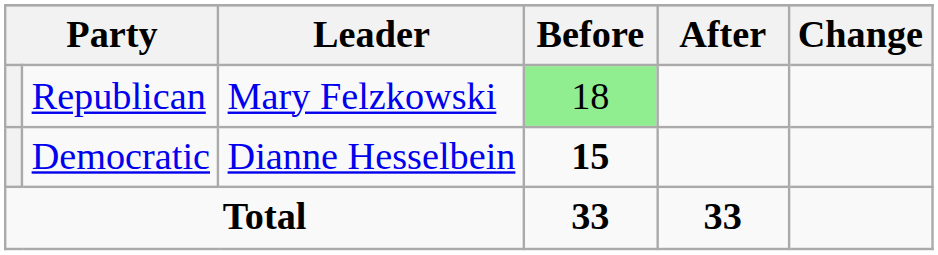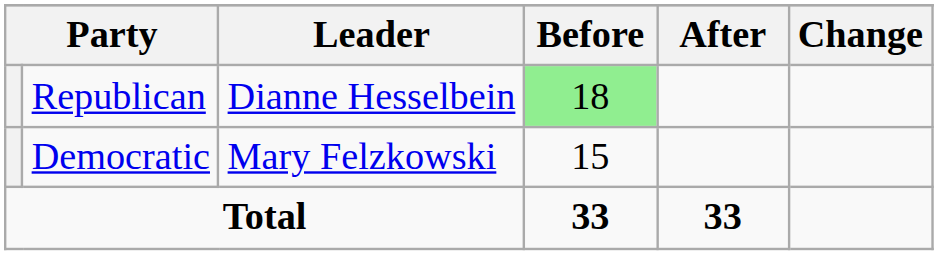 <table class="wikitable" style="text-align:center;">
 <tr>
 </tr>
 <tr>
 <th colspan="2">Party</th>
 <th>Leader</th>
 <th style="width:3em">Before</th>
 <th style="width:3em">After</th>
 <th style="width:3em">Change</th>
 </tr>
 <tr>
 <th style="background-color:"></th>
 <td style="text-align:left;"><a href='#'>Republican</a></td>
-<td style="text-align:left;"><a href='#'>Mary Felzkowski</a></td>
+<td style="text-align:left;"><a href='#'>Dianne Hesselbein</a></td>
 <td style="background: lightgreen;">18</td>
 <td></td>
 <td></td>
 </tr>
 <tr>
 <th style="background-color:"></th>
 <td style="text-align:left;"><a href='#'>Democratic</a></td>
-<td style="text-align:left;"><a href='#'>Dianne Hesselbein</a></td>
-<td><strong>15</strong></td>
+<td style="text-align:left;"><a href='#'>Mary Felzkowski</a></td>
+<td>15</td>
 <td></td>
 <td></td>
 </tr>
 <tr>
 <td colspan="3"><strong>Total</strong></td>
 <td><strong>33</strong></td>
 <td><strong>33</strong></td>
 <td></td>
 </tr>
 </table>
